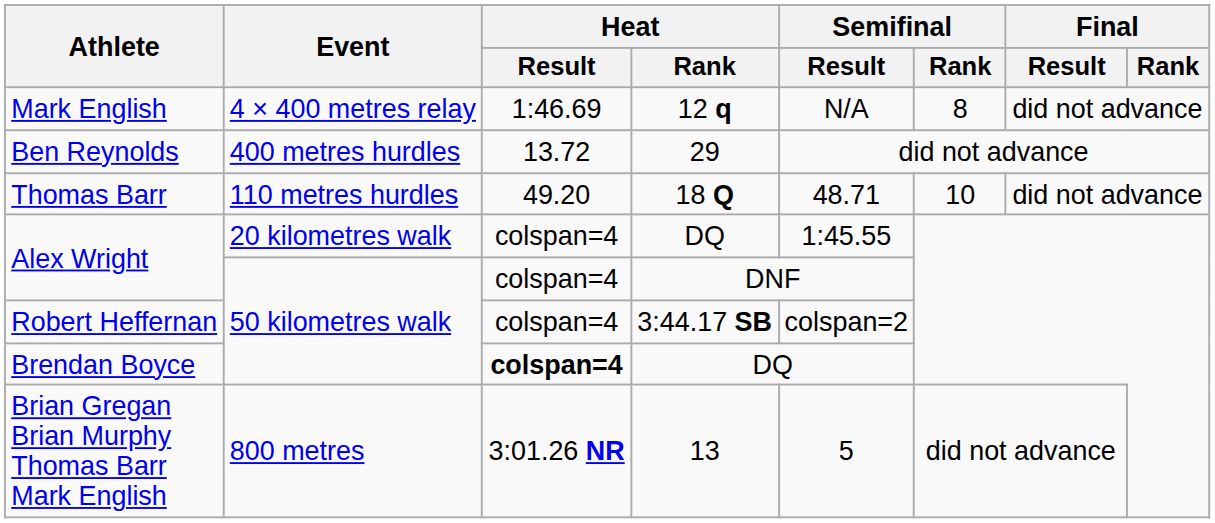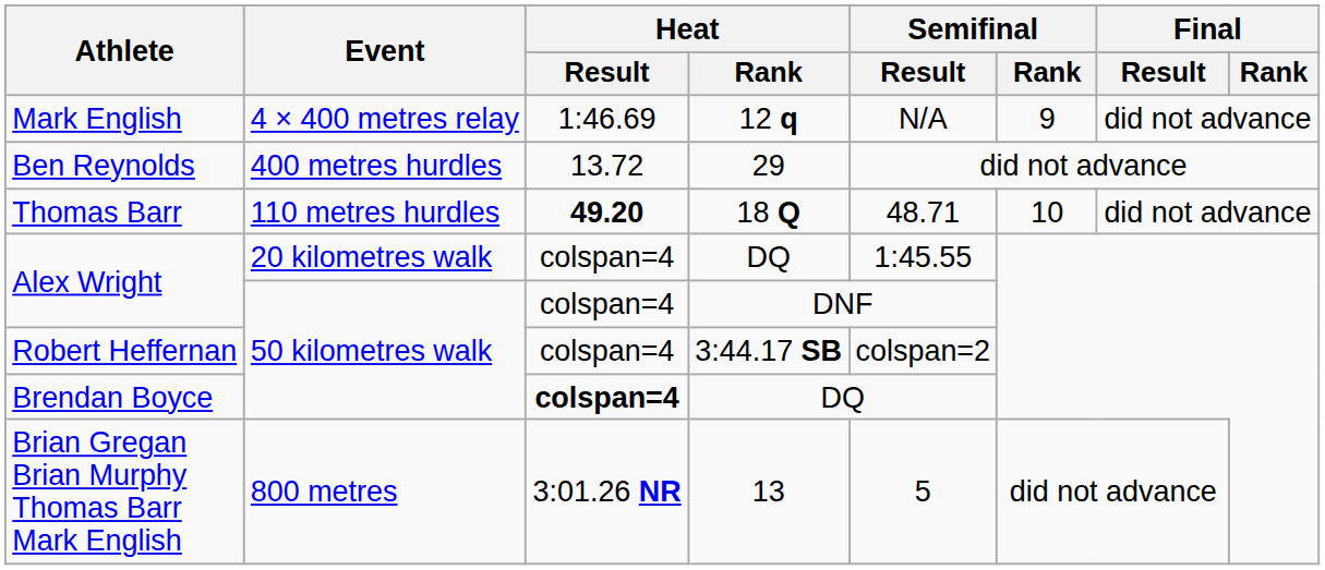 <table class="wikitable" style="font-size:90%">
 <tr>
 <th rowspan="2">Athlete</th>
 <th rowspan="2">Event</th>
 <th colspan="2">Heat</th>
 <th colspan="2">Semifinal</th>
 <th colspan="2">Final</th>
 </tr>
 <tr style="font-size:95%">
 <th>Result</th>
 <th>Rank</th>
 <th>Result</th>
 <th>Rank</th>
 <th>Result</th>
 <th>Rank</th>
 </tr>
 <tr style=text-align:center>
 <td style=text-align:left><a href='#'>Mark English</a></td>
 <td style=text-align:left><a href='#'>4 × 400 metres relay</a></td>
 <td>1:46.69</td>
 <td>12 <strong>q</strong></td>
 <td>N/A</td>
-<td>8</td>
+<td>9</td>
 <td colspan=2>did not advance</td>
 </tr>
 <tr style=text-align:center>
 <td style=text-align:left><a href='#'>Ben Reynolds</a></td>
 <td style=text-align:left><a href='#'>400 metres hurdles</a></td>
 <td>13.72</td>
 <td>29</td>
 <td colspan="4">did not advance</td>
 </tr>
 <tr style=text-align:center>
 <td style=text-align:left><a href='#'>Thomas Barr</a></td>
 <td style=text-align:left><a href='#'>110 metres hurdles</a></td>
-<td>49.20</td>
+<td><strong>49.20</strong></td>
 <td>18 <strong>Q</strong></td>
 <td>48.71</td>
 <td>10</td>
 <td colspan=2>did not advance</td>
 </tr>
 <tr style=text-align:center>
 <td style=text-align:left rowspan=2><a href='#'>Alex Wright</a></td>
 <td style=text-align:left><a href='#'>20 kilometres walk</a></td>
 <td>colspan=4 </td>
 <td>DQ</td>
 <td>1:45.55</td>
 </tr>
 <tr style=text-align:center>
 <td style=text-align:left rowspan=3><a href='#'>50 kilometres walk</a></td>
 <td>colspan=4 </td>
 <td colspan="2">DNF</td>
 </tr>
 <tr style=text-align:center>
 <td style=text-align:left><a href='#'>Robert Heffernan</a></td>
 <td>colspan=4 </td>
 <td>3:44.17 <strong>SB</strong></td>
 <td>colspan=2 </td>
 </tr>
 <tr style=text-align:center>
 <td style=text-align:left><a href='#'>Brendan Boyce</a></td>
 <td><strong>colspan=4 </strong></td>
 <td colspan="2">DQ</td>
 </tr>
 <tr style=text-align:center>
 <td style=text-align:left><a href='#'>Brian Gregan</a><br><a href='#'>Brian Murphy</a><br><a href='#'>Thomas Barr</a><br><a href='#'>Mark English</a></td>
 <td style=text-align:left><a href='#'>800 metres</a></td>
 <td>3:01.26 <strong><a href='#'>NR</a></strong></td>
 <td>13</td>
 <td>5</td>
 <td colspan="2">did not advance</td>
 </tr>
 </table>
